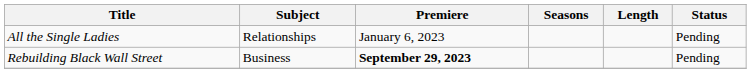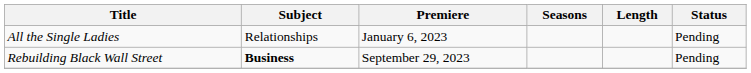 <table class="wikitable sortable" style="width:100%;">
 <tr>
 <th>Title</th>
 <th>Subject</th>
 <th>Premiere</th>
 <th>Seasons</th>
 <th>Length</th>
 <th>Status</th>
 </tr>
 <tr>
 <td><em>All the Single Ladies</em></td>
 <td>Relationships</td>
 <td>January 6, 2023</td>
 <td></td>
 <td></td>
 <td>Pending</td>
 </tr>
 <tr>
 <td><em>Rebuilding Black Wall Street</em></td>
-<td>Business</td>
-<td><strong>September 29, 2023</strong></td>
+<td><strong>Business</strong></td>
+<td>September 29, 2023</td>
 <td></td>
 <td></td>
 <td>Pending</td>
 </tr>
 <tr>
 </tr>
 </table>
